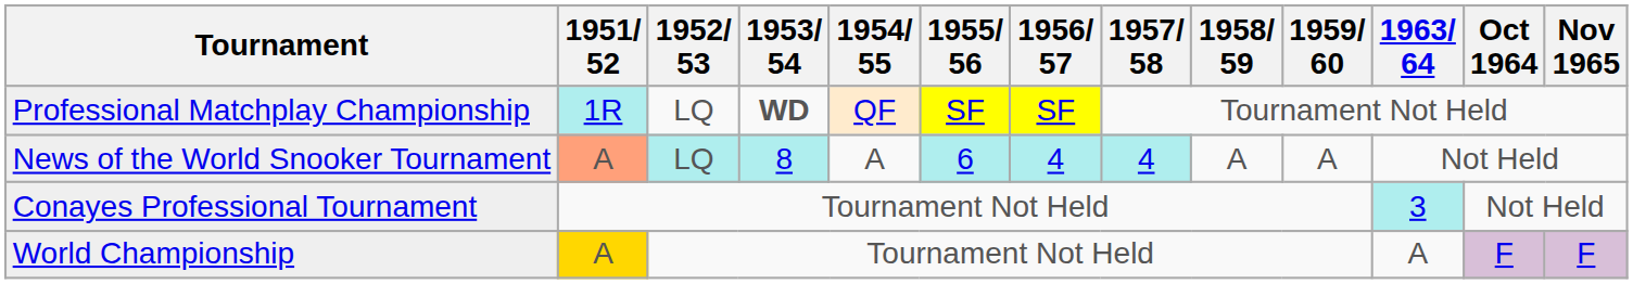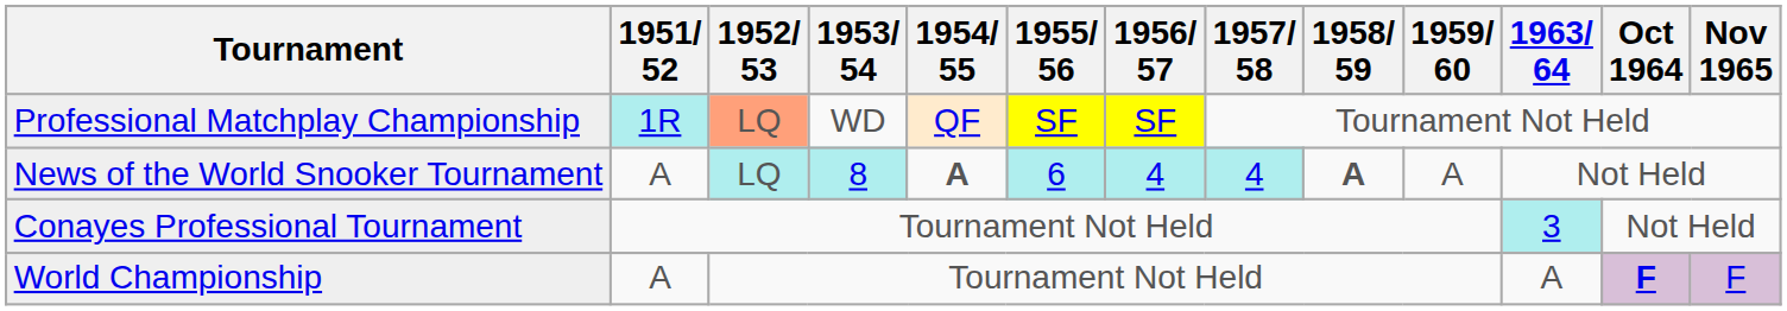 <table class="wikitable"  style="font-size:85%;">
 <tr style="background:#efefef;">
 <th>Tournament</th>
 <th>1951/<br>52</th>
 <th>1952/<br>53</th>
 <th>1953/<br>54</th>
 <th>1954/<br>55</th>
 <th>1955/<br>56</th>
 <th>1956/<br>57</th>
 <th>1957/<br>58</th>
 <th>1958/<br>59</th>
 <th>1959/<br>60</th>
 <th><a href='#'>1963/<br>64</a></th>
 <th>Oct<br>1964</th>
 <th>Nov<br>1965</th>
 </tr>
 <tr>
 <td style="background:#EFEFEF;"><a href='#'>Professional Matchplay Championship</a></td>
 <td style="text-align:center; background:#afeeee;"><a href='#'>1R</a></td>
-<td align="center" style="color:#555555;">LQ</td>
-<td align="center" style="color:#555555;"><strong>WD</strong></td>
+<td align="center" style="background: lightsalmon; color:#555555;">LQ</td>
+<td align="center" style="color:#555555;">WD</td>
 <td style="text-align:center; background:#ffebcd;"><a href='#'>QF</a></td>
 <td style="text-align:center; background:yellow;"><a href='#'>SF</a></td>
 <td style="text-align:center; background:yellow;"><a href='#'>SF</a></td>
 <td colspan="6" style="text-align:center; color:#555555;">Tournament Not Held</td>
 </tr>
 <tr>
 <td style="background:#EFEFEF;"><a href='#'>News of the World Snooker Tournament</a></td>
-<td align="center" style="background: lightsalmon; color:#555555;">A</td>
+<td align="center" style="color:#555555;">A</td>
 <td align="center" style="background: paleturquoise; color:#555555;">LQ</td>
 <td align="center" style="background:#afeeee;"><a href='#'>8</a></td>
-<td align="center" style="color:#555555;">A</td>
+<td align="center" style="color:#555555;"><strong>A</strong></td>
 <td align="center" style="background:#afeeee;"><a href='#'>6</a></td>
 <td align="center" style="background:#afeeee;"><a href='#'>4</a></td>
 <td align="center" style="background:#afeeee;"><a href='#'>4</a></td>
-<td align="center" style="color:#555555;">A</td>
+<td align="center" style="color:#555555;"><strong>A</strong></td>
 <td align="center" style="color:#555555;">A</td>
 <td colspan="3" style="text-align:center; color:#555555;">Not Held</td>
 </tr>
 <tr>
 <td style="background:#EFEFEF;"><a href='#'>Conayes Professional Tournament</a></td>
 <td colspan="9" style="text-align:center; color:#555555;">Tournament Not Held</td>
 <td align="center" style="background:#afeeee;"><a href='#'>3</a></td>
 <td colspan="2" style="text-align:center; color:#555555;">Not Held</td>
 </tr>
 <tr>
 <td style="background:#EFEFEF;"><a href='#'>World Championship</a></td>
-<td align="center" style="background: gold; color:#555555;">A</td>
+<td align="center" style="color:#555555;">A</td>
 <td colspan="8" style="text-align:center; color:#555555;">Tournament Not Held</td>
 <td align="center" style="color:#555555;">A</td>
-<td style="text-align:center; background:#D8BFD8;"><a href='#'>F</a></td>
+<td style="text-align:center; background:#D8BFD8;"><strong><a href='#'>F</a></strong></td>
 <td style="text-align:center; background:#D8BFD8;"><a href='#'>F</a></td>
 </tr>
 </table>
